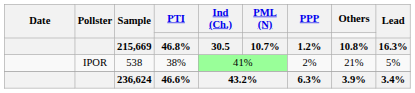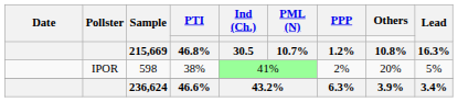 <table class="wikitable sortable" style="text-align:center">
 <tr>
 <th style="width:100px;" rowspan="2">Date</th>
 <th rowspan="2">Pollster</th>
 <th rowspan="2">Sample</th>
 <th style="width:60px;" class="unsortable"><a href='#'>PTI</a></th>
 <th style="width:60px;" class="unsortable"><a href='#'>Ind (Ch.)</a></th>
 <th style="width:60px;" class="unsortable"><a href='#'>PML (N)</a></th>
 <th style="width:60px;" class="unsortable"><a href='#'>PPP</a></th>
 <th style="width:60px;" class="unsortable">Others</th>
 <th class="unsortable" style="width:20px;" rowspan="2">Lead</th>
 </tr>
 <tr>
 <th class="unsortable" style="color:inherit;background:"></th>
 <th class="unsortable" style="color:inherit;background:"></th>
 <th class="unsortable" style="color:inherit;background:"></th>
 <th class="unsortable" style="color:inherit;background:"></th>
 </tr>
 <tr class=sortbottom style="background:#f2f2f2; font-weight:bold">
 <th></th>
 <th></th>
 <th>215,669</th>
 <th style="background:">46.8%</th>
 <th>30.5</th>
 <th>10.7%</th>
 <th>1.2%</th>
 <th>10.8%</th>
 <th style="background:"><strong>16.3%</strong></th>
 </tr>
 <tr>
 <td></td>
 <td>IPOR</td>
-<td>538</td>
+<td>598</td>
 <td>38%</td>
 <td style="background:rgb(153, 255, 153);" colspan=2>41%</td>
 <td>2%</td>
-<td>21%</td>
+<td>20%</td>
 <td style="background:">5%</td>
 </tr>
 <tr>
 </tr>
 <tr class=sortbottom style="background:#f2f2f2; font-weight:bold">
 <th></th>
 <th></th>
 <th>236,624</th>
 <th style="background:">46.6%</th>
 <th colspan=2>43.2%</th>
 <th>6.3%</th>
 <th>3.9%</th>
 <th style="background:"><strong>3.4%</strong></th>
 </tr>
 </table>
